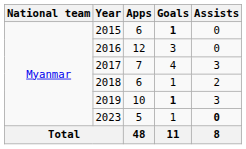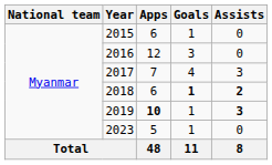 <table class=wikitable style=text-align:center>
 <tr>
 <th>National team</th>
 <th>Year</th>
 <th>Apps</th>
 <th>Goals</th>
 <th>Assists</th>
 </tr>
 <tr>
 <td rowspan=6><a href='#'>Myanmar</a></td>
 <td>2015</td>
 <td>6</td>
-<td><strong>1</strong></td>
+<td>1</td>
 <td>0</td>
 </tr>
 <tr>
 <td>2016</td>
 <td>12</td>
 <td>3</td>
 <td>0</td>
 </tr>
 <tr>
 <td>2017</td>
 <td>7</td>
 <td>4</td>
 <td>3</td>
 </tr>
 <tr>
 <td>2018</td>
 <td>6</td>
-<td>1</td>
-<td>2</td>
+<td><strong>1</strong></td>
+<td><strong>2</strong></td>
 </tr>
 <tr>
 <td>2019</td>
-<td>10</td>
-<td><strong>1</strong></td>
-<td>3</td>
+<td><strong>10</strong></td>
+<td>1</td>
+<td><strong>3</strong></td>
 </tr>
 <tr>
 <td>2023</td>
 <td>5</td>
 <td>1</td>
-<td><strong>0</strong></td>
+<td>0</td>
 </tr>
 <tr>
 <th colspan=2>Total</th>
 <th>48</th>
 <th>11</th>
 <th>8</th>
 </tr>
 </table>
